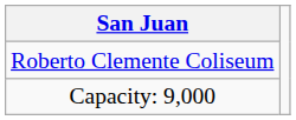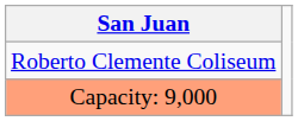 <table class="wikitable" style="text-align:center;">
 <tr>
 <th><a href='#'>San Juan</a></th>
 <td rowspan="4"><br></td>
 </tr>
 <tr>
 <td><a href='#'>Roberto Clemente Coliseum</a></td>
 </tr>
 <tr>
-<td>Capacity: 9,000</td>
+<td style="background: lightsalmon;">Capacity: 9,000</td>
 </tr>
 </table>
